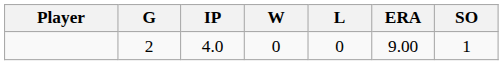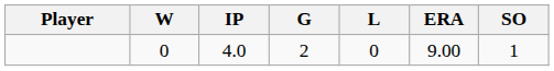 <table class="wikitable sortable">
 <tr>
 <th bgcolor="#DDDDFF" width="16%">Player</th>
+<th bgcolor="#DDDDFF" width="9%">W</th>
+<th bgcolor="#DDDDFF" width="9%">IP</th>
 <th bgcolor="#DDDDFF" width="9%">G</th>
-<th bgcolor="#DDDDFF" width="9%">IP</th>
-<th bgcolor="#DDDDFF" width="9%">W</th>
 <th bgcolor="#DDDDFF" width="9%">L</th>
 <th bgcolor="#DDDDFF" width="9%">ERA</th>
 <th bgcolor="#DDDDFF" width="9%">SO</th>
 </tr>
 <tr align="center">
 <td></td>
+<td>0</td>
+<td>4.0</td>
 <td>2</td>
-<td>4.0</td>
-<td>0</td>
 <td>0</td>
 <td>9.00</td>
 <td>1</td>
 </tr>
 </table>
